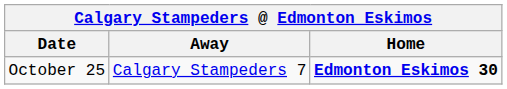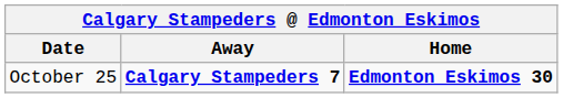 <table class="wikitable">
 <tr>
 <th colspan=4><a href='#'>Calgary Stampeders</a> @ <a href='#'>Edmonton Eskimos</a></th>
 </tr>
 <tr>
 <th>Date</th>
 <th>Away</th>
 <th>Home</th>
 </tr>
 <tr>
 <td>October 25</td>
-<td><a href='#'>Calgary Stampeders</a> 7</td>
+<td><strong><a href='#'>Calgary Stampeders</a> 7</strong></td>
 <td><strong><a href='#'>Edmonton Eskimos</a> 30</strong></td>
 </tr>
 </table>
